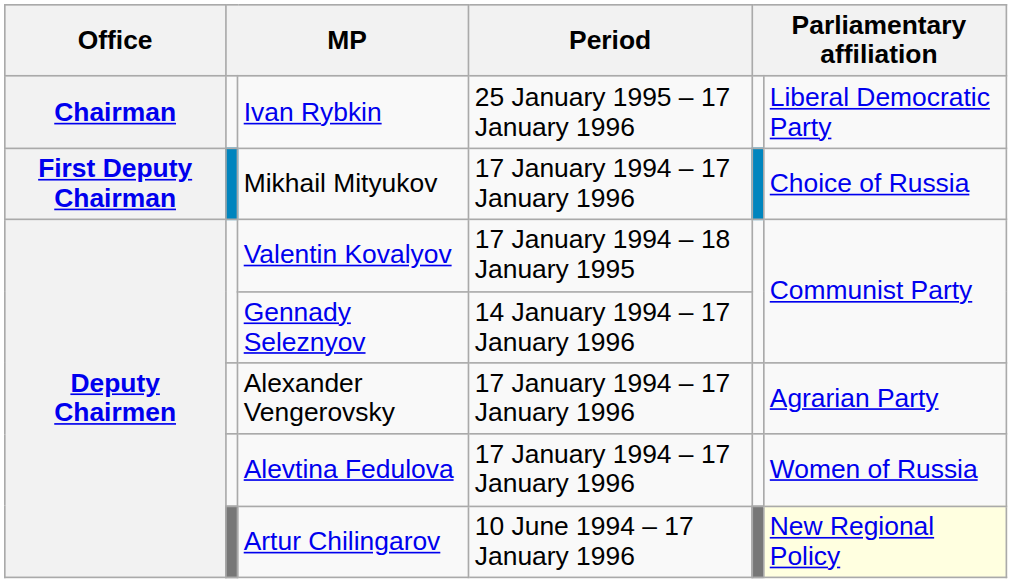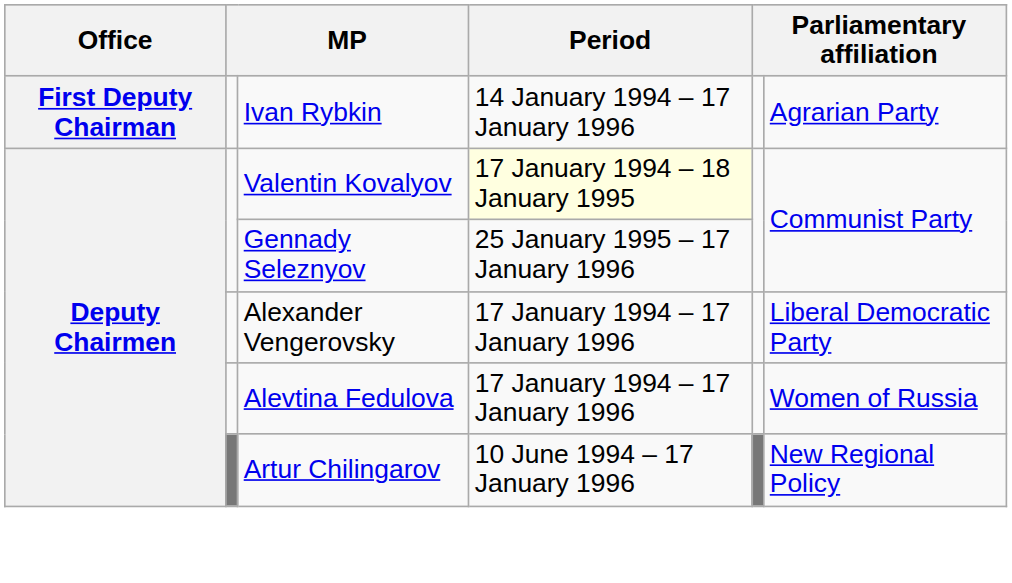 <table class=wikitable>
 <tr>
 <th>Office</th>
 <th colspan=2>MP</th>
 <th>Period</th>
 <th colspan=2>Parliamentary affiliation</th>
 </tr>
 <tr>
-<th><a href='#'>Chairman</a></th>
+<th><a href='#'>First Deputy Chairman</a></th>
 <td style="background-color:"></td>
 <td><a href='#'>Ivan Rybkin</a></td>
-<td>25 January 1995 – 17 January 1996</td>
+<td>14 January 1994 – 17 January 1996</td>
 <td style="background-color:"></td>
-<td><a href='#'>Liberal Democratic Party</a></td>
-</tr>
-<tr>
-<th><a href='#'>First Deputy Chairman</a></th>
-<td style="background-color:#0085BE"></td>
-<td>Mikhail Mityukov</td>
-<td>17 January 1994 – 17 January 1996</td>
-<td style="background-color:#0085BE"></td>
-<td><a href='#'>Choice of Russia</a></td>
+<td><a href='#'>Agrarian Party</a></td>
 </tr>
 <tr>
 <th rowspan=5><a href='#'>Deputy Chairmen</a></th>
 <td rowspan=2; style="background-color:"></td>
 <td><a href='#'>Valentin Kovalyov</a></td>
-<td>17 January 1994 – 18 January 1995</td>
+<td style="background: lightyellow;">17 January 1994 – 18 January 1995</td>
 <td rowspan=2; style="background-color:"></td>
 <td rowspan=2><a href='#'>Communist Party</a></td>
 </tr>
 <tr>
 <td><a href='#'>Gennady Seleznyov</a></td>
-<td>14 January 1994 – 17 January 1996</td>
+<td>25 January 1995 – 17 January 1996</td>
 </tr>
 <tr>
 <td style="background-color:"></td>
 <td>Alexander Vengerovsky</td>
 <td>17 January 1994 – 17 January 1996</td>
 <td style="background-color:"></td>
-<td><a href='#'>Agrarian Party</a></td>
+<td><a href='#'>Liberal Democratic Party</a></td>
 </tr>
 <tr>
 <td style="background-color:"></td>
 <td><a href='#'>Alevtina Fedulova</a></td>
 <td>17 January 1994 – 17 January 1996</td>
 <td style="background-color:"></td>
 <td><a href='#'>Women of Russia</a></td>
 </tr>
 <tr>
 <td style="background-color:#777777"></td>
 <td><a href='#'>Artur Chilingarov</a></td>
 <td>10 June 1994 – 17 January 1996</td>
 <td style="background-color:#777777"></td>
-<td style="background: lightyellow;"><a href='#'>New Regional Policy</a></td>
+<td><a href='#'>New Regional Policy</a></td>
 </tr>
 </table>
